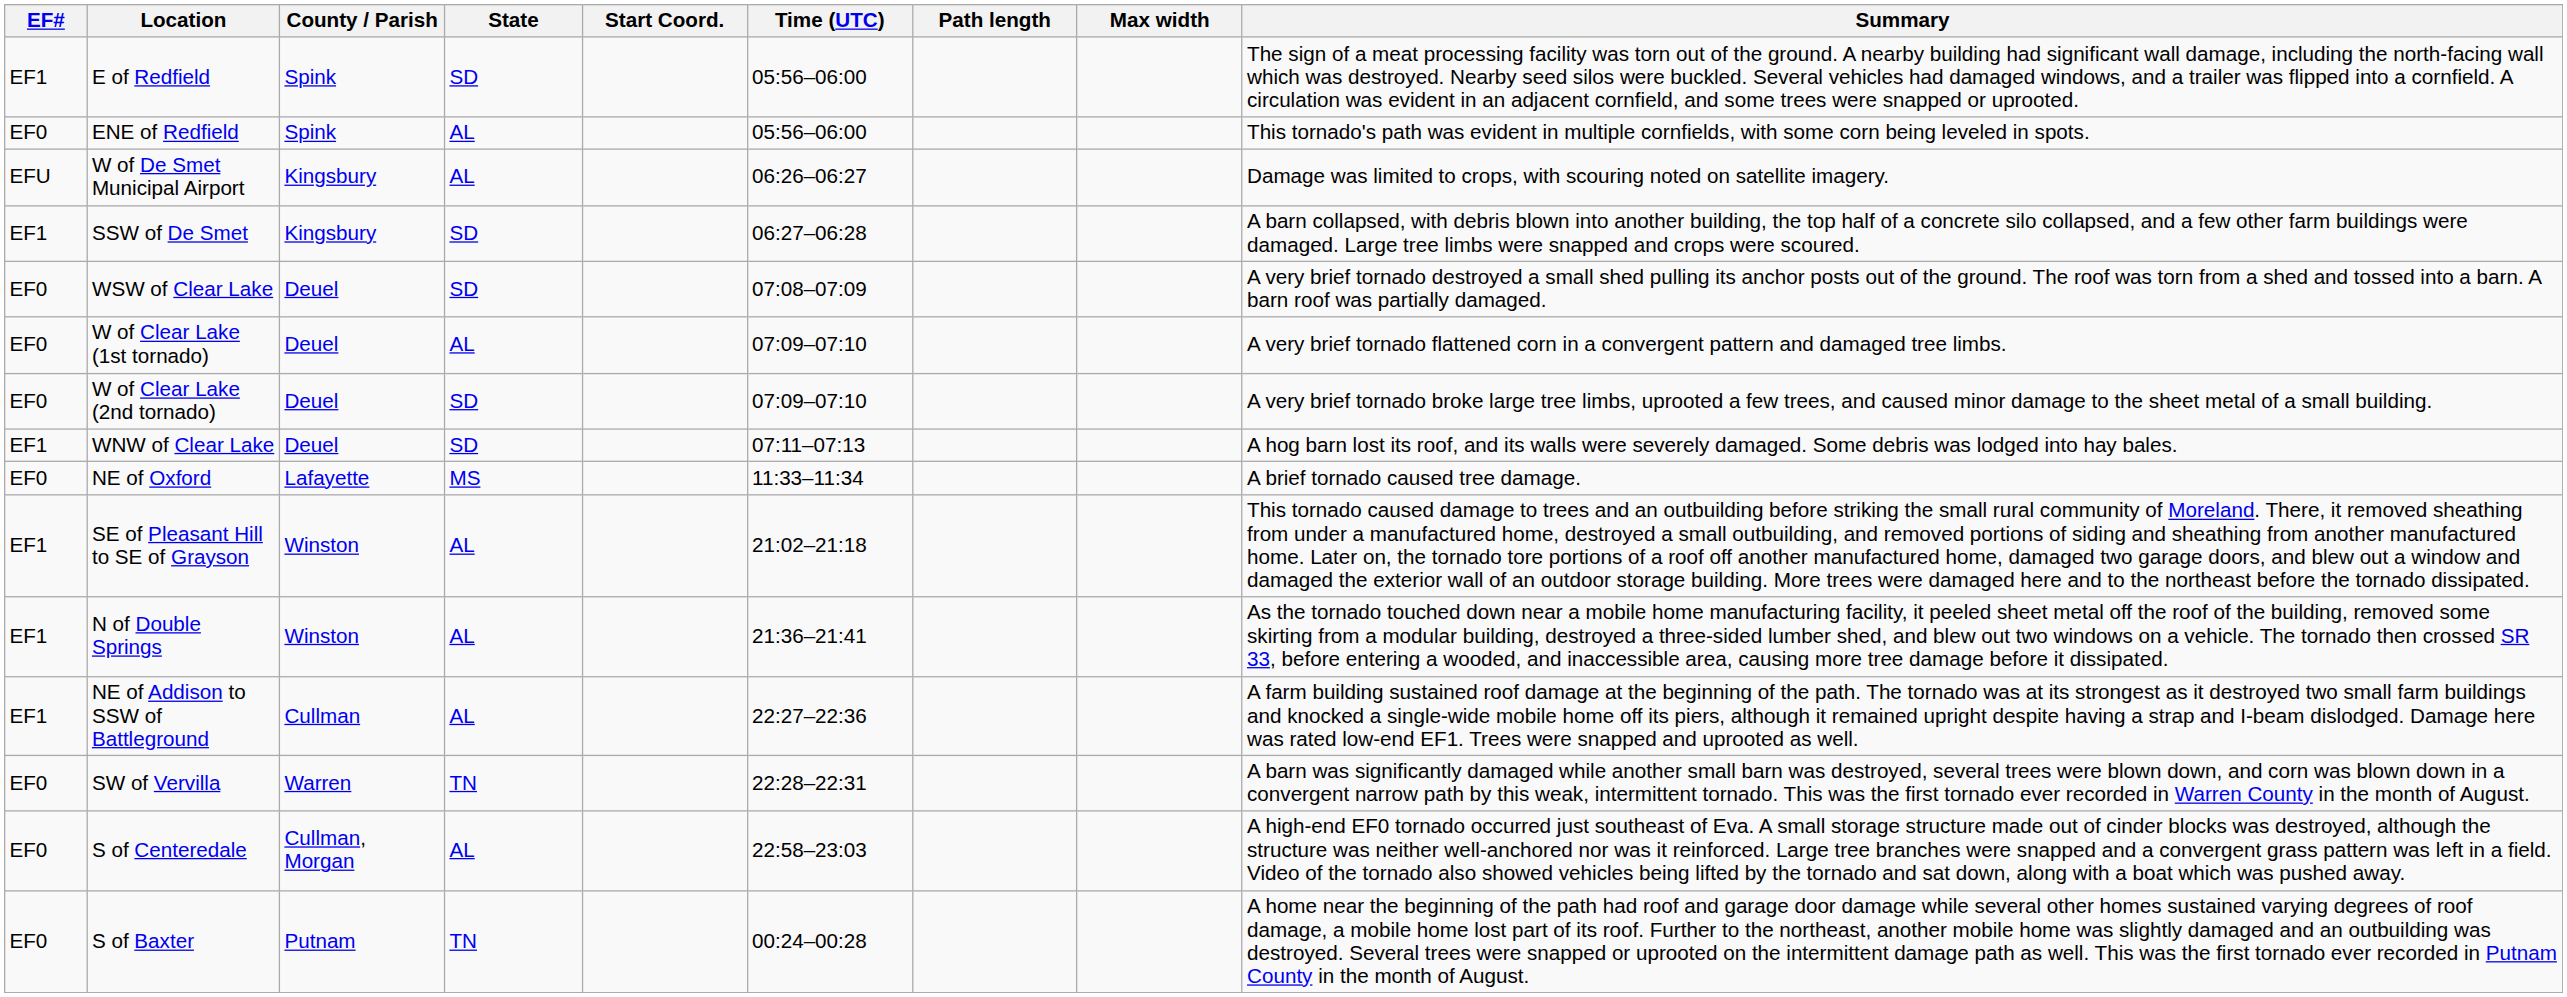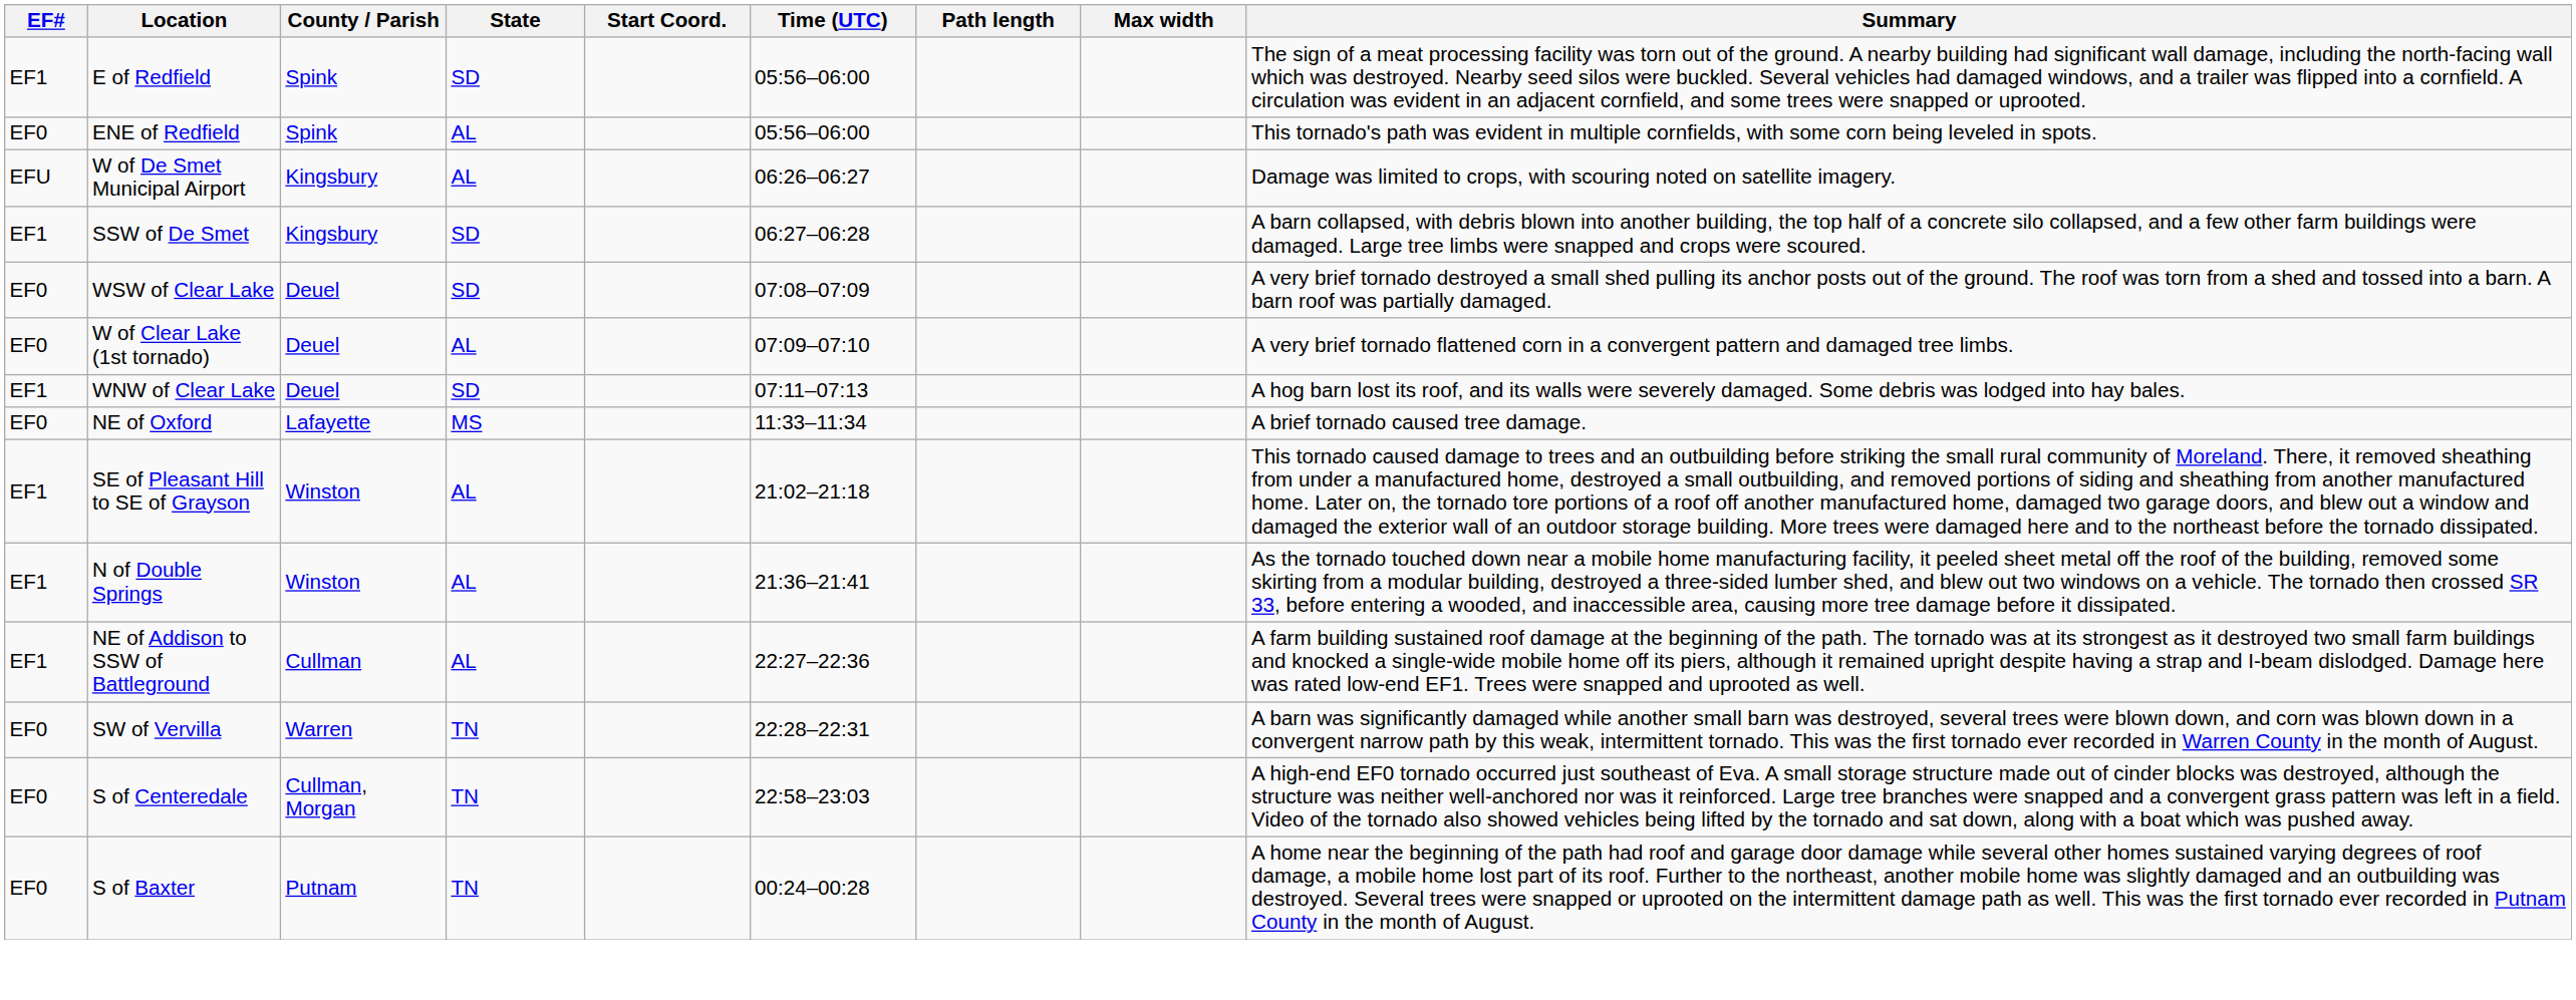 <table class="wikitable sortable" style="width:100%;">
 <tr>
 <th scope="col"  style="width:3%; text-align:center;"><a href='#'>EF#</a></th>
 <th scope="col"  style="width:7%; text-align:center;" class="unsortable">Location</th>
 <th scope="col"  style="width:6%; text-align:center;" class="unsortable">County / Parish</th>
 <th scope="col"  style="width:5%; text-align:center;">State</th>
 <th scope="col"  style="width:6%; text-align:center;">Start Coord.</th>
 <th scope="col"  style="width:6%; text-align:center;">Time (<a href='#'>UTC</a>)</th>
 <th scope="col"  style="width:6%; text-align:center;">Path length</th>
 <th scope="col"  style="width:6%; text-align:center;">Max width</th>
 <th scope="col" class="unsortable" style="width:48%; text-align:center;">Summary</th>
 </tr>
 <tr>
 <td>EF1</td>
 <td>E of <a href='#'>Redfield</a></td>
 <td><a href='#'>Spink</a></td>
 <td><a href='#'>SD</a></td>
 <td></td>
 <td>05:56–06:00</td>
 <td></td>
 <td></td>
 <td>The sign of a meat processing facility was torn out of the ground. A nearby building had significant wall damage, including the north-facing wall which was destroyed. Nearby seed silos were buckled. Several vehicles had damaged windows, and a trailer was flipped into a cornfield. A circulation was evident in an adjacent cornfield, and some trees were snapped or uprooted.</td>
 </tr>
 <tr>
 <td>EF0</td>
 <td>ENE of <a href='#'>Redfield</a></td>
 <td><a href='#'>Spink</a></td>
 <td><a href='#'>AL</a></td>
 <td></td>
 <td>05:56–06:00</td>
 <td></td>
 <td></td>
 <td>This tornado's path was evident in multiple cornfields, with some corn being leveled in spots.</td>
 </tr>
 <tr>
 <td>EFU</td>
 <td>W of <a href='#'>De Smet</a> Municipal Airport</td>
 <td><a href='#'>Kingsbury</a></td>
 <td><a href='#'>AL</a></td>
 <td></td>
 <td>06:26–06:27</td>
 <td></td>
 <td></td>
 <td>Damage was limited to crops, with scouring noted on satellite imagery.</td>
 </tr>
 <tr>
 <td>EF1</td>
 <td>SSW of <a href='#'>De Smet</a></td>
 <td><a href='#'>Kingsbury</a></td>
 <td><a href='#'>SD</a></td>
 <td></td>
 <td>06:27–06:28</td>
 <td></td>
 <td></td>
 <td>A barn collapsed, with debris blown into another building, the top half of a concrete silo collapsed, and a few other farm buildings were damaged. Large tree limbs were snapped and crops were scoured.</td>
 </tr>
 <tr>
 <td>EF0</td>
 <td>WSW of <a href='#'>Clear Lake</a></td>
 <td><a href='#'>Deuel</a></td>
 <td><a href='#'>SD</a></td>
 <td></td>
 <td>07:08–07:09</td>
 <td></td>
 <td></td>
 <td>A very brief tornado destroyed a small shed pulling its anchor posts out of the ground. The roof was torn from a shed and tossed into a barn. A barn roof was partially damaged.</td>
 </tr>
 <tr>
 <td>EF0</td>
 <td>W of <a href='#'>Clear Lake</a> (1st tornado)</td>
 <td><a href='#'>Deuel</a></td>
 <td><a href='#'>AL</a></td>
 <td></td>
 <td>07:09–07:10</td>
 <td></td>
 <td></td>
 <td>A very brief tornado flattened corn in a convergent pattern and damaged tree limbs.</td>
 </tr>
 <tr>
-<td>EF0</td>
-<td>W of <a href='#'>Clear Lake</a> (2nd tornado)</td>
-<td><a href='#'>Deuel</a></td>
-<td><a href='#'>SD</a></td>
-<td></td>
-<td>07:09–07:10</td>
-<td></td>
-<td></td>
-<td>A very brief tornado broke large tree limbs, uprooted a few trees, and caused minor damage to the sheet metal of a small building.</td>
-</tr>
-<tr>
 <td>EF1</td>
 <td>WNW of <a href='#'>Clear Lake</a></td>
 <td><a href='#'>Deuel</a></td>
 <td><a href='#'>SD</a></td>
 <td></td>
 <td>07:11–07:13</td>
 <td></td>
 <td></td>
 <td>A hog barn lost its roof, and its walls were severely damaged. Some debris was lodged into hay bales.</td>
 </tr>
 <tr>
 <td>EF0</td>
 <td>NE of <a href='#'>Oxford</a></td>
 <td><a href='#'>Lafayette</a></td>
 <td><a href='#'>MS</a></td>
 <td></td>
 <td>11:33–11:34</td>
 <td></td>
 <td></td>
 <td>A brief tornado caused tree damage.</td>
 </tr>
 <tr>
 <td>EF1</td>
 <td>SE of <a href='#'>Pleasant Hill</a> to SE of <a href='#'>Grayson</a></td>
 <td><a href='#'>Winston</a></td>
 <td><a href='#'>AL</a></td>
 <td></td>
 <td>21:02–21:18</td>
 <td></td>
 <td></td>
 <td>This tornado caused damage to trees and an outbuilding before striking the small rural community of <a href='#'>Moreland</a>. There, it removed sheathing from under a manufactured home, destroyed a small outbuilding, and removed portions of siding and sheathing from another manufactured home. Later on, the tornado tore portions of a roof off another manufactured home, damaged two garage doors, and blew out a window and damaged the exterior wall of an outdoor storage building. More trees were damaged here and to the northeast before the tornado dissipated.</td>
 </tr>
 <tr>
 <td>EF1</td>
 <td>N of <a href='#'>Double Springs</a></td>
 <td><a href='#'>Winston</a></td>
 <td><a href='#'>AL</a></td>
 <td></td>
 <td>21:36–21:41</td>
 <td></td>
 <td></td>
 <td>As the tornado touched down near a mobile home manufacturing facility, it peeled sheet metal off the roof of the building, removed some skirting from a modular building, destroyed a three-sided lumber shed, and blew out two windows on a vehicle. The tornado then crossed <a href='#'>SR 33</a>, before entering a wooded, and inaccessible area, causing more tree damage before it dissipated.</td>
 </tr>
 <tr>
 <td>EF1</td>
 <td>NE of <a href='#'>Addison</a> to SSW of <a href='#'>Battleground</a></td>
 <td><a href='#'>Cullman</a></td>
 <td><a href='#'>AL</a></td>
 <td></td>
 <td>22:27–22:36</td>
 <td></td>
 <td></td>
 <td>A farm building sustained roof damage at the beginning of the path. The tornado was at its strongest as it destroyed two small farm buildings and knocked a single-wide mobile home off its piers, although it remained upright despite having a strap and I-beam dislodged. Damage here was rated low-end EF1. Trees were snapped and uprooted as well.</td>
 </tr>
 <tr>
 <td>EF0</td>
 <td>SW of <a href='#'>Vervilla</a></td>
 <td><a href='#'>Warren</a></td>
 <td><a href='#'>TN</a></td>
 <td></td>
 <td>22:28–22:31</td>
 <td></td>
 <td></td>
 <td>A barn was significantly damaged while another small barn was destroyed, several trees were blown down, and corn was blown down in a convergent narrow path by this weak, intermittent tornado. This was the first tornado ever recorded in <a href='#'>Warren County</a> in the month of August.</td>
 </tr>
 <tr>
 <td>EF0</td>
 <td>S of <a href='#'>Centeredale</a></td>
 <td><a href='#'>Cullman</a>, <a href='#'>Morgan</a></td>
-<td><a href='#'>AL</a></td>
+<td><a href='#'>TN</a></td>
 <td></td>
 <td>22:58–23:03</td>
 <td></td>
 <td></td>
 <td>A high-end EF0 tornado occurred just southeast of Eva. A small storage structure made out of cinder blocks was destroyed, although the structure was neither well-anchored nor was it reinforced. Large tree branches were snapped and a convergent grass pattern was left in a field. Video of the tornado also showed vehicles being lifted by the tornado and sat down, along with a boat which was pushed  away.</td>
 </tr>
 <tr>
 <td>EF0</td>
 <td>S of  <a href='#'>Baxter</a></td>
 <td><a href='#'>Putnam</a></td>
 <td><a href='#'>TN</a></td>
 <td></td>
 <td>00:24–00:28</td>
 <td></td>
 <td></td>
 <td>A home near the beginning of the path had roof and garage door damage while several other homes sustained varying degrees of roof damage, a mobile home lost part of its roof. Further to the northeast, another mobile home was slightly damaged and an outbuilding was destroyed. Several trees were snapped or uprooted on the intermittent damage path as well. This was the first tornado ever recorded in <a href='#'>Putnam County</a> in the month of August.</td>
 </tr>
 <tr>
 </tr>
 </table>
